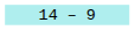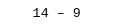 <table style="text-align:center">
 <tr>
 <th width=200></th>
 <th width=100></th>
 <th width=200></th>
 </tr>
 <tr>
 <td align=right><strong></strong></td>
-<td style="background: paleturquoise;">14 – 9</td>
+<td>14 – 9</td>
 <td align=left></td>
 </tr>
 </table>
